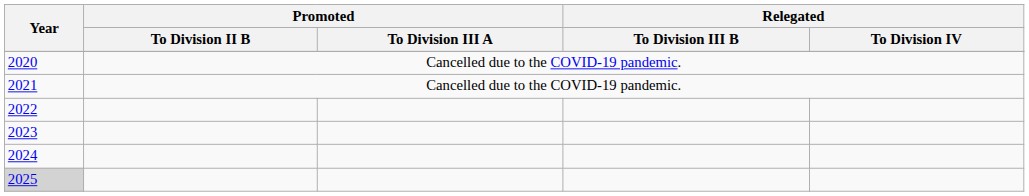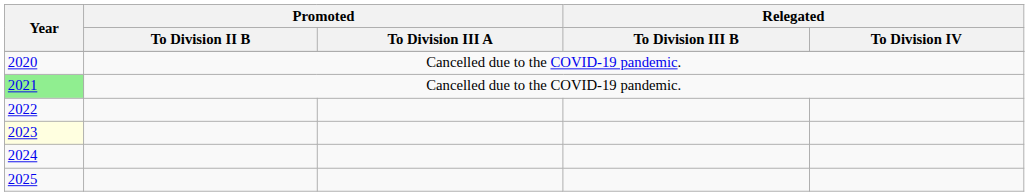 <table class="wikitable" width=70%>
 <tr>
 <th rowspan=2>Year</th>
 <th colspan=2>Promoted</th>
 <th colspan=2>Relegated</th>
 </tr>
 <tr>
 <th>To Division II B</th>
 <th>To Division III A</th>
 <th>To Division III B</th>
 <th>To Division IV</th>
 </tr>
 <tr>
 </tr>
 <tr>
 <td><a href='#'>2020</a></td>
 <td colspan=4 align=center>Cancelled due to the <a href='#'>COVID-19 pandemic</a>.</td>
 </tr>
 <tr>
-<td><a href='#'>2021</a></td>
+<td style="background: lightgreen;"><a href='#'>2021</a></td>
 <td colspan=4 align=center>Cancelled due to the COVID-19 pandemic.</td>
 </tr>
 <tr>
 <td><a href='#'>2022</a></td>
 <td></td>
 <td></td>
 <td></td>
 <td></td>
 </tr>
 <tr>
-<td><a href='#'>2023</a></td>
+<td style="background: lightyellow;"><a href='#'>2023</a></td>
 <td></td>
 <td></td>
 <td></td>
 <td></td>
 </tr>
 <tr>
 <td><a href='#'>2024</a></td>
 <td></td>
 <td></td>
 <td></td>
 <td></td>
 </tr>
 <tr>
-<td style="background: lightgrey;"><a href='#'>2025</a></td>
+<td><a href='#'>2025</a></td>
 <td></td>
 <td></td>
 <td></td>
 <td></td>
 </tr>
 </table>
